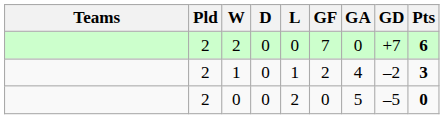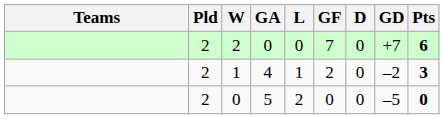 <table class="wikitable" style="text-align: center;">
 <tr>
 <th width=165>Teams</th>
 <th width=20>Pld</th>
 <th width=20>W</th>
-<th width=20>D</th>
+<th width=20>GA</th>
 <th width=20>L</th>
 <th width=20>GF</th>
-<th width=20>GA</th>
+<th width=20>D</th>
 <th width=20>GD</th>
 <th width=20>Pts</th>
 </tr>
 <tr align=center style="background:#ccffcc;">
 <td style="text-align:left;"></td>
 <td>2</td>
 <td>2</td>
 <td>0</td>
 <td>0</td>
 <td>7</td>
 <td>0</td>
 <td>+7</td>
 <td><strong>6</strong></td>
 </tr>
 <tr align=center>
 <td style="text-align:left;"></td>
 <td>2</td>
 <td>1</td>
-<td>0</td>
+<td>4</td>
 <td>1</td>
 <td>2</td>
-<td>4</td>
+<td>0</td>
 <td>–2</td>
 <td><strong>3</strong></td>
 </tr>
 <tr align=center>
 <td style="text-align:left;"></td>
 <td>2</td>
 <td>0</td>
-<td>0</td>
+<td>5</td>
 <td>2</td>
 <td>0</td>
-<td>5</td>
+<td>0</td>
 <td>–5</td>
 <td><strong>0</strong></td>
 </tr>
 </table>
